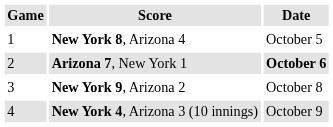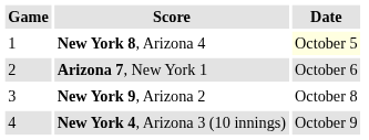 <table border="0" cellspacing="3" cellpadding="3">
 <tr style="background: #e3e3e3;">
 <th>Game</th>
 <th>Score</th>
 <th>Date</th>
 </tr>
 <tr>
 <td>1</td>
 <td><strong>New York 8</strong>, Arizona 4</td>
-<td>October 5</td>
+<td style="background: lightyellow;">October 5</td>
 </tr>
 <tr style="background: #e3e3e3;">
 <td>2</td>
 <td><strong>Arizona 7</strong>, New York 1</td>
-<td><strong>October 6</strong></td>
+<td>October 6</td>
 </tr>
 <tr>
 <td>3</td>
 <td><strong>New York 9</strong>, Arizona 2</td>
 <td>October 8</td>
 </tr>
 <tr style="background: #e3e3e3;">
 <td>4</td>
 <td><strong>New York 4</strong>, Arizona 3 (10 innings)</td>
 <td>October 9</td>
 </tr>
 <tr>
 </tr>
 </table>
